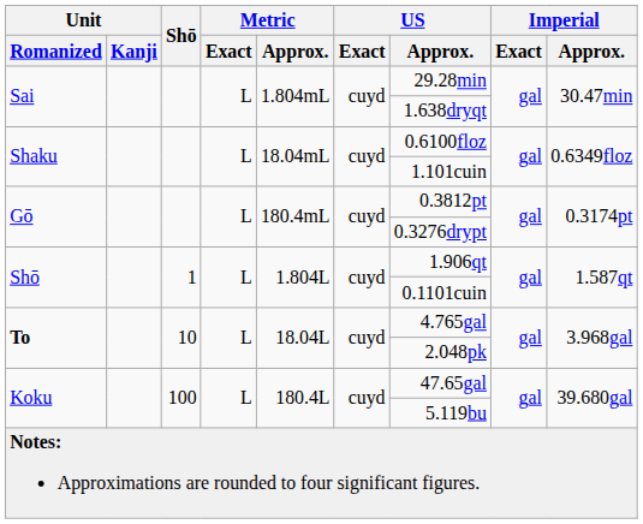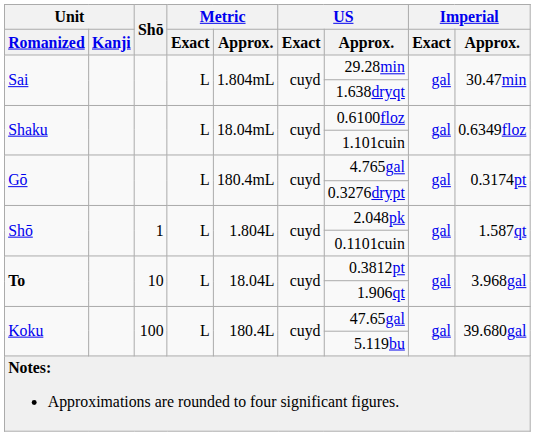 <table class="wikitable">
 <tr>
 <th colspan="2">Unit</th>
 <th rowspan="2">Shō</th>
 <th colspan="2"><a href='#'>Metric</a></th>
 <th colspan="2"><a href='#'>US</a></th>
 <th colspan="3"><a href='#'>Imperial</a></th>
 </tr>
 <tr>
 <th><a href='#'>Romanized</a></th>
 <th><a href='#'>Kanji</a></th>
 <th>Exact</th>
 <th>Approx.</th>
 <th>Exact</th>
 <th>Approx.</th>
 <th>Exact</th>
 <th>Approx.</th>
 </tr>
 <tr style="text-align: right">
 <td rowspan=2  style="text-align:left;"><a href='#'>Sai</a></td>
 <td rowspan=2 align="center"></td>
 <td rowspan=2 height="30pt"></td>
 <td rowspan=2>L</td>
 <td rowspan=2>1.804mL</td>
 <td rowspan=2>cuyd</td>
 <td>29.28<a href='#'>min</a></td>
 <td rowspan=2><a href='#'>gal</a></td>
 <td rowspan=2>30.47<a href='#'>min</a></td>
 </tr>
 <tr style="text-align: right">
 <td>1.638<a href='#'>dryqt</a></td>
 </tr>
 <tr style="text-align: right">
 <td rowspan=2  style="text-align:left;"><a href='#'>Shaku</a></td>
 <td rowspan=2 align="center"></td>
 <td rowspan=2 height="30pt"></td>
 <td rowspan=2>L</td>
 <td rowspan=2>18.04mL</td>
 <td rowspan=2>cuyd</td>
 <td>0.6100<a href='#'>floz</a></td>
 <td rowspan=2><a href='#'>gal</a></td>
 <td rowspan=2>0.6349<a href='#'>floz</a></td>
 </tr>
 <tr style="text-align: right">
 <td>1.101cuin</td>
 </tr>
 <tr style="text-align: right">
 <td rowspan=2  style="text-align:left;"><a href='#'>Gō</a></td>
 <td rowspan=2 align="center"></td>
 <td rowspan=2 height="30pt"></td>
 <td rowspan=2>L</td>
 <td rowspan=2>180.4mL</td>
 <td rowspan=2>cuyd</td>
-<td>0.3812<a href='#'>pt</a></td>
+<td>4.765<a href='#'>gal</a></td>
 <td rowspan=2><a href='#'>gal</a></td>
 <td rowspan=2>0.3174<a href='#'>pt</a></td>
 </tr>
 <tr style="text-align: right">
 <td>0.3276<a href='#'>drypt</a></td>
 </tr>
 <tr style="text-align: right">
 <td rowspan=2  style="text-align:left;"><a href='#'>Shō</a></td>
 <td rowspan=2 align="center"></td>
 <td rowspan=2>1</td>
 <td rowspan=2>L</td>
 <td rowspan=2>1.804L</td>
 <td rowspan=2>cuyd</td>
-<td>1.906<a href='#'>qt</a></td>
+<td>2.048<a href='#'>pk</a></td>
 <td rowspan=2><a href='#'>gal</a></td>
 <td rowspan=2>1.587<a href='#'>qt</a></td>
 </tr>
 <tr style="text-align: right">
 <td>0.1101cuin</td>
 </tr>
 <tr style="text-align: right">
 <td rowspan=2 style="text-align:left;"><strong>To</strong></td>
 <td rowspan=2 align="center"></td>
 <td rowspan=2>10</td>
 <td rowspan=2>L</td>
 <td rowspan=2>18.04L</td>
 <td rowspan=2>cuyd</td>
-<td>4.765<a href='#'>gal</a></td>
+<td>0.3812<a href='#'>pt</a></td>
 <td rowspan=2><a href='#'>gal</a></td>
 <td rowspan=2>3.968<a href='#'>gal</a></td>
 </tr>
 <tr style="text-align: right">
-<td>2.048<a href='#'>pk</a></td>
+<td>1.906<a href='#'>qt</a></td>
 </tr>
 <tr style="text-align: right">
 <td rowspan=2 style="text-align:left;"><a href='#'>Koku</a></td>
 <td rowspan=2 align="center"></td>
 <td rowspan=2>100</td>
 <td rowspan=2>L</td>
 <td rowspan=2>180.4L</td>
 <td rowspan=2>cuyd</td>
 <td>47.65<a href='#'>gal</a></td>
 <td rowspan=2><a href='#'>gal</a></td>
 <td rowspan=2>39.680<a href='#'>gal</a></td>
 </tr>
 <tr style="text-align: right">
 <td>5.119<a href='#'>bu</a></td>
 </tr>
 <tr>
 <td colspan="13" bgcolor=#F0F0F0><strong>Notes:</strong><br><ul><li>Approximations are rounded to four significant figures.</li></ul></td>
 </tr>
 </table>
